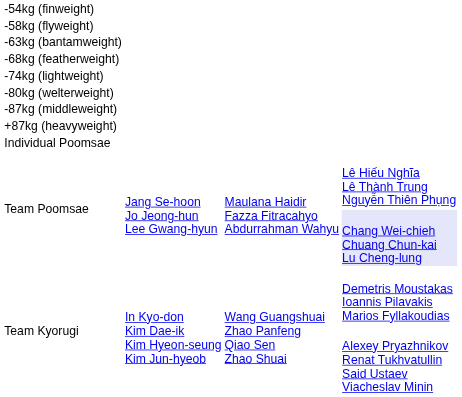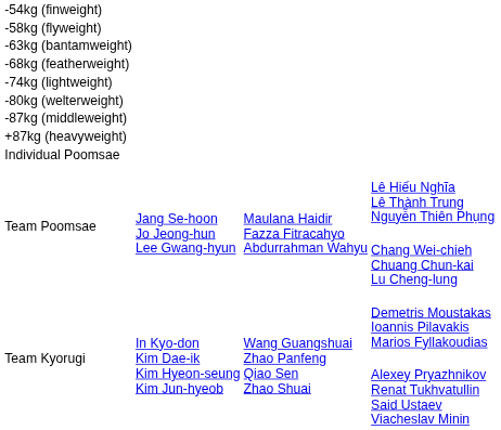 <table>
 <tr>
 <td rowspan=2>-54kg (finweight)<br></td>
 <td rowspan=2></td>
 <td rowspan=2></td>
 <td></td>
 </tr>
 <tr>
 <td></td>
 </tr>
 <tr>
 <td rowspan=2>-58kg (flyweight)<br></td>
 <td rowspan=2></td>
 <td rowspan=2></td>
 <td></td>
 </tr>
 <tr>
 <td></td>
 </tr>
 <tr>
 <td rowspan=2>-63kg (bantamweight)<br></td>
 <td rowspan=2></td>
 <td rowspan=2></td>
 <td></td>
 </tr>
 <tr>
 <td></td>
 </tr>
 <tr>
 <td rowspan=2>-68kg (featherweight)<br></td>
 <td rowspan=2></td>
 <td rowspan=2></td>
 <td></td>
 </tr>
 <tr>
 <td></td>
 </tr>
 <tr>
 <td rowspan=2>-74kg (lightweight)<br></td>
 <td rowspan=2></td>
 <td rowspan=2></td>
 <td></td>
 </tr>
 <tr>
 <td></td>
 </tr>
 <tr>
 <td rowspan=2>-80kg (welterweight)<br></td>
 <td rowspan=2></td>
 <td rowspan=2></td>
 <td></td>
 </tr>
 <tr>
 <td></td>
 </tr>
 <tr>
 <td rowspan=2>-87kg (middleweight)<br></td>
 <td rowspan=2></td>
 <td rowspan=2></td>
 <td></td>
 </tr>
 <tr>
 <td></td>
 </tr>
 <tr>
 <td rowspan=2>+87kg (heavyweight)<br></td>
 <td rowspan=2></td>
 <td rowspan=2></td>
 <td></td>
 </tr>
 <tr>
 <td></td>
 </tr>
 <tr>
 <td rowspan=2>Individual Poomsae<br></td>
 <td rowspan=2></td>
 <td rowspan=2></td>
 <td></td>
 </tr>
 <tr>
 <td></td>
 </tr>
 <tr>
 <td rowspan=2>Team Poomsae<br></td>
 <td rowspan=2><br><a href='#'>Jang Se-hoon</a><br><a href='#'>Jo Jeong-hun</a><br><a href='#'>Lee Gwang-hyun</a></td>
 <td rowspan=2><br><a href='#'>Maulana Haidir</a><br><a href='#'>Fazza Fitracahyo</a><br><a href='#'>Abdurrahman Wahyu</a></td>
 <td><br><a href='#'>Lê Hiếu Nghĩa</a><br><a href='#'>Lê Thành Trung</a><br><a href='#'>Nguyễn Thiên Phụng</a></td>
 </tr>
 <tr>
-<td style="background: lavender;"><br><a href='#'>Chang Wei-chieh</a><br><a href='#'>Chuang Chun-kai</a><br><a href='#'>Lu Cheng-lung</a></td>
+<td><br><a href='#'>Chang Wei-chieh</a><br><a href='#'>Chuang Chun-kai</a><br><a href='#'>Lu Cheng-lung</a></td>
 </tr>
 <tr>
 <td rowspan=2>Team Kyorugi<br></td>
 <td rowspan=2><br><a href='#'>In Kyo-don</a><br><a href='#'>Kim Dae-ik</a><br><a href='#'>Kim Hyeon-seung</a><br><a href='#'>Kim Jun-hyeob</a></td>
 <td rowspan=2><br><a href='#'>Wang Guangshuai</a><br><a href='#'>Zhao Panfeng</a><br><a href='#'>Qiao Sen</a><br><a href='#'>Zhao Shuai</a></td>
 <td><br><a href='#'>Demetris Moustakas</a><br><a href='#'>Ioannis Pilavakis</a><br><a href='#'>Marios Fyllakoudias</a></td>
 </tr>
 <tr>
 <td><br><a href='#'>Alexey Pryazhnikov</a><br><a href='#'>Renat Tukhvatullin</a><br><a href='#'>Said Ustaev</a><br><a href='#'>Viacheslav Minin</a></td>
 </tr>
 </table>
